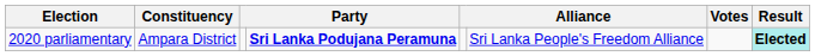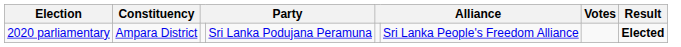 <table class="wikitable" style="text-align:left;">
 <tr>
 <th scope=col>Election</th>
 <th scope=col>Constituency</th>
 <th scope=col colspan="2">Party</th>
 <th scope=col colspan="2">Alliance</th>
 <th scope=col>Votes</th>
 <th scope=col>Result</th>
 </tr>
 <tr>
 <td><a href='#'>2020 parliamentary</a></td>
 <td><a href='#'>Ampara District</a></td>
 <td style="background:"></td>
-<td><strong><a href='#'>Sri Lanka Podujana Peramuna</a></strong></td>
+<td><a href='#'>Sri Lanka Podujana Peramuna</a></td>
 <td style="background:"></td>
 <td><a href='#'>Sri Lanka People's Freedom Alliance</a></td>
 <td align=right></td>
-<td style="background: paleturquoise;"><strong>Elected</strong></td>
+<td><strong>Elected</strong></td>
 </tr>
 </table>
